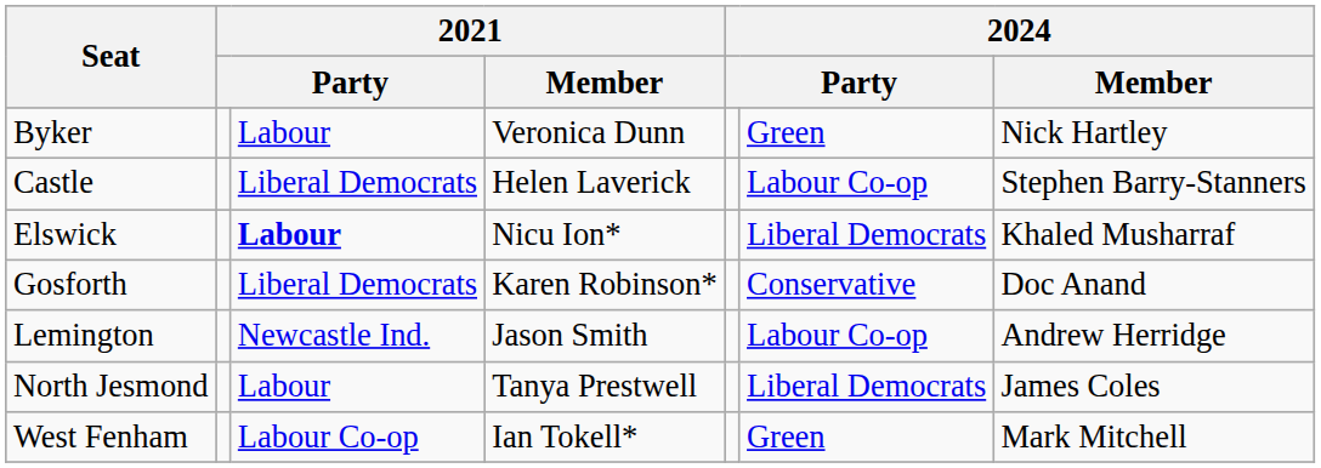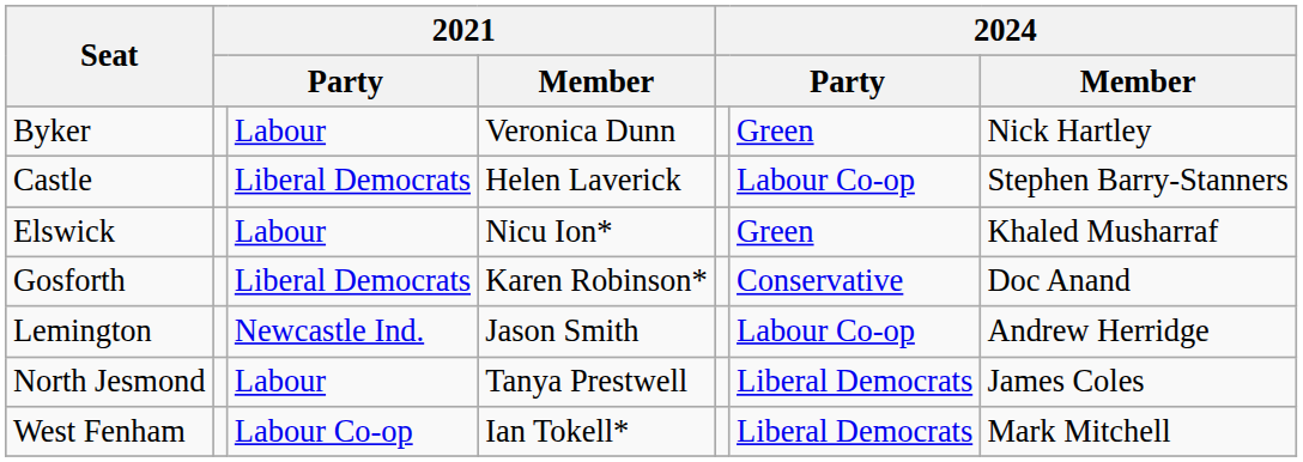 <table class="wikitable">
 <tr>
 <th rowspan="2" scope="col" style="text-align:center">Seat</th>
 <th colspan="3" scope="col" style="text-align:center">2021</th>
 <th colspan="3" scope="col" style="text-align:center">2024</th>
 </tr>
 <tr>
 <th colspan="2" style="text-align:center">Party</th>
 <th style="text-align:center">Member</th>
 <th colspan="2" style="text-align:center">Party</th>
 <th style="text-align:center">Member</th>
 </tr>
 <tr>
 <td scope="row">Byker</td>
 <td style="color:inherit;background:"></td>
 <td><a href='#'>Labour</a></td>
 <td>Veronica Dunn</td>
 <td style="color:inherit;background:"></td>
 <td><a href='#'>Green</a></td>
 <td>Nick Hartley</td>
 </tr>
 <tr>
 <td scope="row">Castle</td>
 <td style="color:inherit;background:"></td>
 <td><a href='#'>Liberal Democrats</a></td>
 <td>Helen Laverick</td>
 <td style="color:inherit;background:"></td>
 <td><a href='#'>Labour Co-op</a></td>
 <td>Stephen Barry-Stanners</td>
 </tr>
 <tr>
 <td scope="row">Elswick</td>
 <td style="color:inherit;background:"></td>
-<td><strong><a href='#'>Labour</a></strong></td>
+<td><a href='#'>Labour</a></td>
 <td>Nicu Ion*</td>
 <td style="color:inherit;background:"></td>
-<td><a href='#'>Liberal Democrats</a></td>
+<td><a href='#'>Green</a></td>
 <td>Khaled Musharraf</td>
 </tr>
 <tr>
 <td scope="row">Gosforth</td>
 <td style="color:inherit;background:"></td>
 <td><a href='#'>Liberal Democrats</a></td>
 <td>Karen Robinson*</td>
 <td style="color:inherit;background:"></td>
 <td><a href='#'>Conservative</a></td>
 <td>Doc Anand</td>
 </tr>
 <tr>
 <td scope="row">Lemington</td>
 <td style="color:inherit;background:"></td>
 <td><a href='#'>Newcastle Ind.</a></td>
 <td>Jason Smith</td>
 <td style="color:inherit;background:"></td>
 <td><a href='#'>Labour Co-op</a></td>
 <td>Andrew Herridge</td>
 </tr>
 <tr>
 <td scope="row">North Jesmond</td>
 <td style="color:inherit;background:"></td>
 <td><a href='#'>Labour</a></td>
 <td>Tanya Prestwell</td>
 <td style="color:inherit;background:"></td>
 <td><a href='#'>Liberal Democrats</a></td>
 <td>James Coles</td>
 </tr>
 <tr>
 <td scope="row">West Fenham</td>
 <td style="color:inherit;background:"></td>
 <td><a href='#'>Labour Co-op</a></td>
 <td>Ian Tokell*</td>
 <td style="color:inherit;background:"></td>
-<td><a href='#'>Green</a></td>
+<td><a href='#'>Liberal Democrats</a></td>
 <td>Mark Mitchell</td>
 </tr>
 </table>
